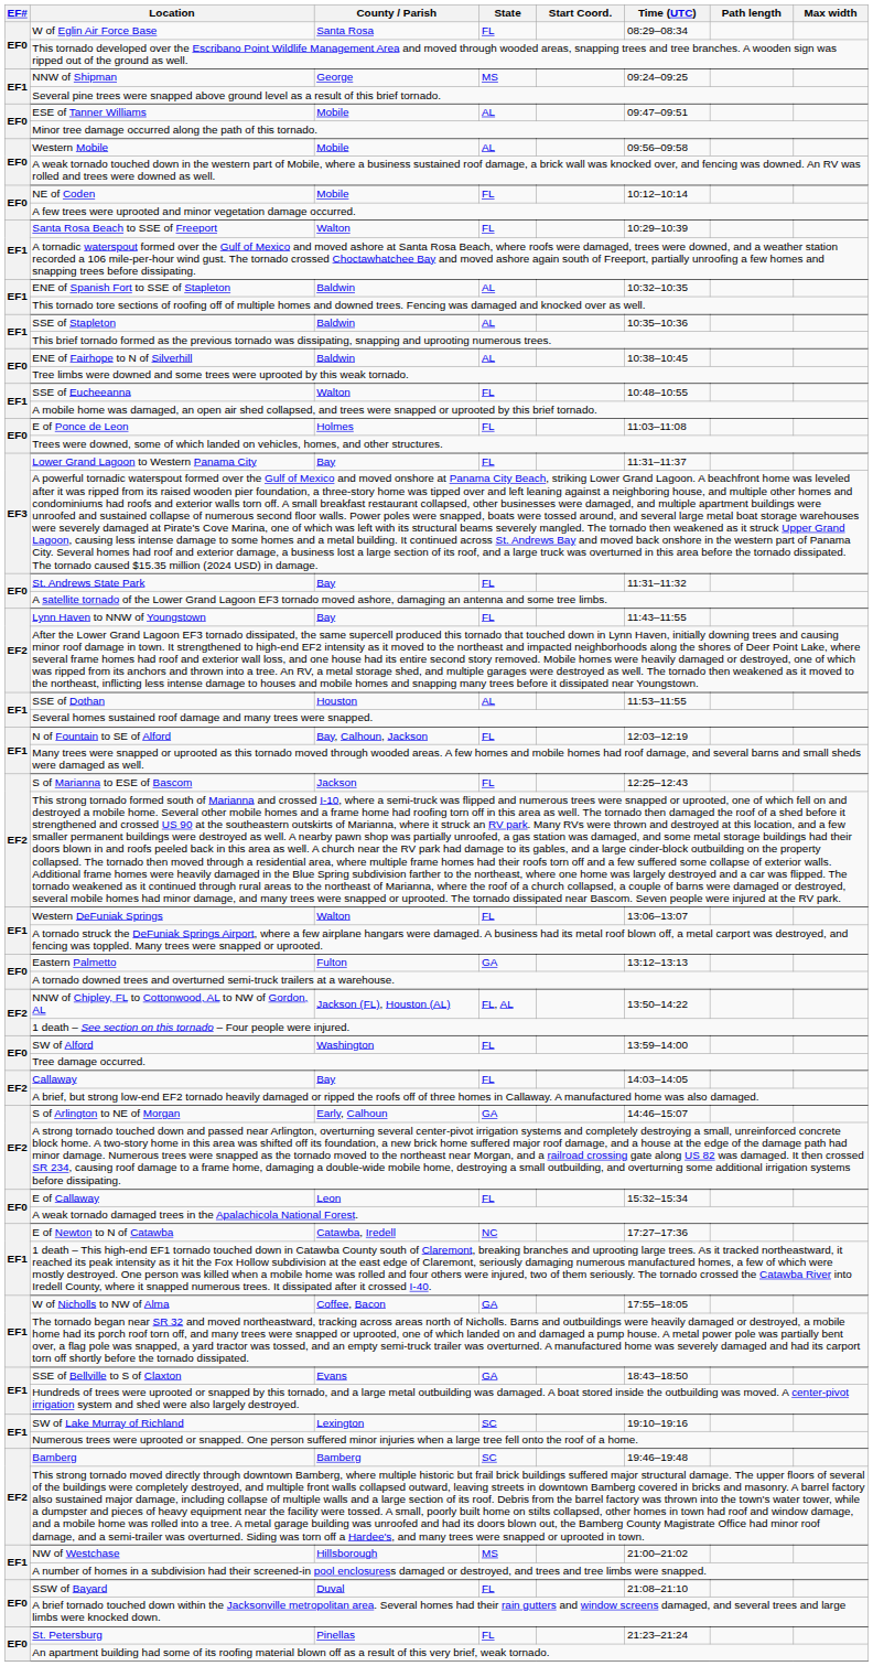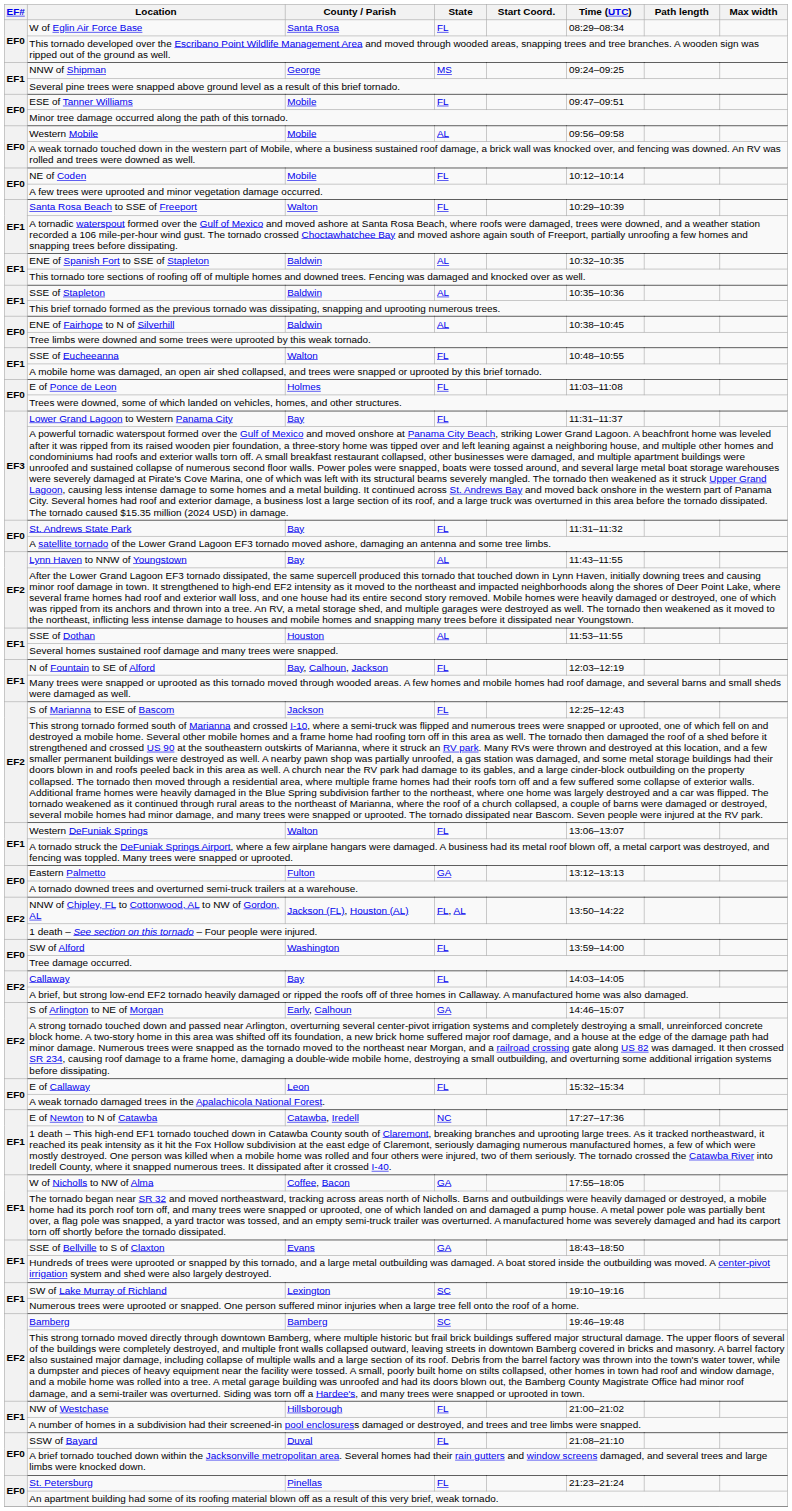 <table class="wikitable sortable" style="width:100%;">
 <tr>
 <th scope="col" width="2%" align="center"><a href='#'>EF#</a></th>
 <th scope="col" align="center" class="unsortable">Location</th>
 <th scope="col" align="center" class="unsortable">County / Parish</th>
 <th scope="col" align="center">State</th>
 <th scope="col" align="center">Start Coord.</th>
 <th scope="col" align="center">Time (<a href='#'>UTC</a>)</th>
 <th scope="col" align="center">Path length</th>
 <th scope="col" align="center">Max width</th>
 </tr>
 <tr>
 <th scope="row" rowspan="2" style="background-color:#">EF0</th>
 <td>W of <a href='#'>Eglin Air Force Base</a></td>
 <td><a href='#'>Santa Rosa</a></td>
 <td><a href='#'>FL</a></td>
 <td></td>
 <td>08:29–08:34</td>
 <td></td>
 <td></td>
 </tr>
 <tr class="expand-child">
 <td colspan="8" style=" border-bottom: 1px solid black;">This tornado developed over the <a href='#'>Escribano Point Wildlife Management Area</a> and moved through wooded areas, snapping trees and tree branches. A wooden sign was ripped out of the ground as well.</td>
 </tr>
 <tr>
 <th scope="row" rowspan="2" style="background-color:#">EF1</th>
 <td>NNW of <a href='#'>Shipman</a></td>
 <td><a href='#'>George</a></td>
 <td><a href='#'>MS</a></td>
 <td></td>
 <td>09:24–09:25</td>
 <td></td>
 <td></td>
 </tr>
 <tr class="expand-child">
 <td colspan="8" style=" border-bottom: 1px solid black;">Several pine trees were snapped  above ground level as a result of this brief tornado.</td>
 </tr>
 <tr>
 <th scope="row" rowspan="2" style="background-color:#">EF0</th>
 <td>ESE of <a href='#'>Tanner Williams</a></td>
 <td><a href='#'>Mobile</a></td>
-<td><a href='#'>AL</a></td>
+<td><a href='#'>FL</a></td>
 <td></td>
 <td>09:47–09:51</td>
 <td></td>
 <td></td>
 </tr>
 <tr class="expand-child">
 <td colspan="8" style=" border-bottom: 1px solid black;">Minor tree damage occurred along the path of this tornado.</td>
 </tr>
 <tr>
 <th scope="row" rowspan="2" style="background-color:#">EF0</th>
 <td>Western <a href='#'>Mobile</a></td>
 <td><a href='#'>Mobile</a></td>
 <td><a href='#'>AL</a></td>
 <td></td>
 <td>09:56–09:58</td>
 <td></td>
 <td></td>
 </tr>
 <tr class="expand-child">
 <td colspan="8" style=" border-bottom: 1px solid black;">A weak tornado touched down in the western part of Mobile, where a business sustained roof damage, a brick wall was knocked over, and fencing was downed. An RV was rolled and trees were downed as well.</td>
 </tr>
 <tr>
 <th scope="row" rowspan="2" style="background-color:#">EF0</th>
 <td>NE of <a href='#'>Coden</a></td>
 <td><a href='#'>Mobile</a></td>
 <td><a href='#'>FL</a></td>
 <td></td>
 <td>10:12–10:14</td>
 <td></td>
 <td></td>
 </tr>
 <tr class="expand-child">
 <td colspan="8" style=" border-bottom: 1px solid black;">A few trees were uprooted and minor vegetation damage occurred.</td>
 </tr>
 <tr>
 <th scope="row" rowspan="2" style="background-color:#">EF1</th>
 <td><a href='#'>Santa Rosa Beach</a> to SSE of <a href='#'>Freeport</a></td>
 <td><a href='#'>Walton</a></td>
 <td><a href='#'>FL</a></td>
 <td></td>
 <td>10:29–10:39</td>
 <td></td>
 <td></td>
 </tr>
 <tr class="expand-child">
 <td colspan="8" style=" border-bottom: 1px solid black;">A tornadic <a href='#'>waterspout</a> formed over the <a href='#'>Gulf of Mexico</a> and moved ashore at Santa Rosa Beach, where roofs were damaged, trees were downed, and a weather station recorded a 106 mile-per-hour wind gust. The tornado crossed <a href='#'>Choctawhatchee Bay</a> and moved ashore again south of Freeport, partially unroofing a few homes and snapping trees before dissipating.</td>
 </tr>
 <tr>
 <th scope="row" rowspan="2" style="background-color:#">EF1</th>
 <td>ENE of <a href='#'>Spanish Fort</a> to SSE of <a href='#'>Stapleton</a></td>
 <td><a href='#'>Baldwin</a></td>
 <td><a href='#'>AL</a></td>
 <td></td>
 <td>10:32–10:35</td>
 <td></td>
 <td></td>
 </tr>
 <tr class="expand-child">
 <td colspan="8" style=" border-bottom: 1px solid black;">This tornado tore sections of roofing off of multiple homes and downed trees. Fencing was damaged and knocked over as well.</td>
 </tr>
 <tr>
 <th scope="row" rowspan="2" style="background-color:#">EF1</th>
 <td>SSE of <a href='#'>Stapleton</a></td>
 <td><a href='#'>Baldwin</a></td>
 <td><a href='#'>AL</a></td>
 <td></td>
 <td>10:35–10:36</td>
 <td></td>
 <td></td>
 </tr>
 <tr class="expand-child">
 <td colspan="8" style=" border-bottom: 1px solid black;">This brief tornado formed as the previous tornado was dissipating, snapping and uprooting numerous trees.</td>
 </tr>
 <tr>
 <th scope="row" rowspan="2" style="background-color:#">EF0</th>
 <td>ENE of <a href='#'>Fairhope</a> to N of <a href='#'>Silverhill</a></td>
 <td><a href='#'>Baldwin</a></td>
 <td><a href='#'>AL</a></td>
 <td></td>
 <td>10:38–10:45</td>
 <td></td>
 <td></td>
 </tr>
 <tr class="expand-child">
 <td colspan="8" style=" border-bottom: 1px solid black;">Tree limbs were downed and some trees were uprooted by this weak tornado.</td>
 </tr>
 <tr>
 <th scope="row" rowspan="2" style="background-color:#">EF1</th>
 <td>SSE of <a href='#'>Eucheeanna</a></td>
 <td><a href='#'>Walton</a></td>
 <td><a href='#'>FL</a></td>
 <td></td>
 <td>10:48–10:55</td>
 <td></td>
 <td></td>
 </tr>
 <tr class="expand-child">
 <td colspan="8" style=" border-bottom: 1px solid black;">A mobile home was damaged, an open air shed collapsed, and trees were snapped or uprooted by this brief tornado.</td>
 </tr>
 <tr>
 <th scope="row" rowspan="2" style="background-color:#">EF0</th>
 <td>E of <a href='#'>Ponce de Leon</a></td>
 <td><a href='#'>Holmes</a></td>
 <td><a href='#'>FL</a></td>
 <td></td>
 <td>11:03–11:08</td>
 <td></td>
 <td></td>
 </tr>
 <tr class="expand-child">
 <td colspan="8" style=" border-bottom: 1px solid black;">Trees were downed, some of which landed on vehicles, homes, and other structures.</td>
 </tr>
 <tr>
 <th scope="row" rowspan="2" style="background-color:#">EF3</th>
 <td><a href='#'>Lower Grand Lagoon</a> to Western <a href='#'>Panama City</a></td>
 <td><a href='#'>Bay</a></td>
 <td><a href='#'>FL</a></td>
 <td></td>
 <td>11:31–11:37</td>
 <td></td>
 <td></td>
 </tr>
 <tr class="expand-child">
 <td colspan="8" style="border-bottom: 1px solid black;">A powerful tornadic waterspout formed over the <a href='#'>Gulf of Mexico</a> and moved onshore at <a href='#'>Panama City Beach</a>, striking Lower Grand Lagoon. A beachfront home was leveled after it was ripped from its raised wooden pier foundation, a three-story home was tipped over and left leaning against a neighboring house, and multiple other homes and condominiums had roofs and exterior walls torn off. A small breakfast restaurant collapsed, other businesses were damaged, and multiple apartment buildings were unroofed and sustained collapse of numerous second floor walls. Power poles were snapped, boats were tossed around, and several large metal boat storage warehouses were severely damaged at Pirate's Cove Marina, one of which was left with its structural beams severely mangled. The tornado then weakened as it struck <a href='#'>Upper Grand Lagoon</a>, causing less intense damage to some homes and a metal building. It continued across <a href='#'>St. Andrews Bay</a> and moved back onshore in the western part of Panama City. Several homes had roof and exterior damage, a business lost a large section of its roof, and a large truck was overturned in this area before the tornado dissipated. The tornado caused $15.35 million (2024 USD) in damage.</td>
 </tr>
 <tr>
 <th scope="row" rowspan="2" style="background-color:#">EF0</th>
 <td><a href='#'>St. Andrews State Park</a></td>
 <td><a href='#'>Bay</a></td>
 <td><a href='#'>FL</a></td>
 <td></td>
 <td>11:31–11:32</td>
 <td></td>
 <td></td>
 </tr>
 <tr class="expand-child">
 <td colspan="8" style="border-bottom: 1px solid black;">A <a href='#'>satellite tornado</a> of the Lower Grand Lagoon EF3 tornado moved ashore, damaging an antenna and some tree limbs.</td>
 </tr>
 <tr>
 <th scope="row" rowspan="2" style="background-color:#">EF2</th>
 <td><a href='#'>Lynn Haven</a> to NNW of <a href='#'>Youngstown</a></td>
 <td><a href='#'>Bay</a></td>
-<td><a href='#'>FL</a></td>
+<td><a href='#'>AL</a></td>
 <td></td>
 <td>11:43–11:55</td>
 <td></td>
 <td></td>
 </tr>
 <tr class="expand-child">
 <td colspan="8" style="border-bottom: 1px solid black;">After the Lower Grand Lagoon EF3 tornado dissipated, the same supercell produced this tornado that touched down in Lynn Haven, initially downing trees and causing minor roof damage in town. It strengthened to high-end EF2 intensity as it moved to the northeast and impacted neighborhoods along the shores of Deer Point Lake, where several frame homes had roof and exterior wall loss, and one house had its entire second story removed. Mobile homes were heavily damaged or destroyed, one of which was ripped from its anchors and thrown into a tree. An RV, a metal storage shed, and multiple garages were destroyed as well. The tornado then weakened as it moved to the northeast, inflicting less intense damage to houses and mobile homes and snapping many trees before it dissipated near Youngstown.</td>
 </tr>
 <tr>
 <th scope="row" rowspan="2" style="background-color:#">EF1</th>
 <td>SSE of <a href='#'>Dothan</a></td>
 <td><a href='#'>Houston</a></td>
 <td><a href='#'>AL</a></td>
 <td></td>
 <td>11:53–11:55</td>
 <td></td>
 <td></td>
 </tr>
 <tr class="expand-child">
 <td colspan="8" style=" border-bottom: 1px solid black;">Several homes sustained roof damage and many trees were snapped.</td>
 </tr>
 <tr>
 <th scope="row" rowspan="2" style="background-color:#">EF1</th>
 <td>N of <a href='#'>Fountain</a> to SE of <a href='#'>Alford</a></td>
 <td><a href='#'>Bay</a>, <a href='#'>Calhoun</a>, <a href='#'>Jackson</a></td>
 <td><a href='#'>FL</a></td>
 <td></td>
 <td>12:03–12:19</td>
 <td></td>
 <td></td>
 </tr>
 <tr class="expand-child">
 <td colspan="8" style="border-bottom: 1px solid black;">Many trees were snapped or uprooted as this tornado moved through wooded areas. A few homes and mobile homes had roof damage, and several barns and small sheds were damaged as well.</td>
 </tr>
 <tr>
 <th scope="row" rowspan="2" style="background-color:#">EF2</th>
 <td>S of <a href='#'>Marianna</a> to ESE of <a href='#'>Bascom</a></td>
 <td><a href='#'>Jackson</a></td>
 <td><a href='#'>FL</a></td>
 <td></td>
 <td>12:25–12:43</td>
 <td></td>
 <td></td>
 </tr>
 <tr class="expand-child">
 <td colspan="8" style="border-bottom: 1px solid black;">This strong tornado formed south of <a href='#'>Marianna</a> and crossed <a href='#'>I-10</a>, where a semi-truck was flipped and numerous trees were snapped or uprooted, one of which fell on and destroyed a mobile home. Several other mobile homes and a frame home had roofing torn off in this area as well. The tornado then damaged the roof of a shed before it strengthened and crossed <a href='#'>US 90</a> at the southeastern outskirts of Marianna, where it struck an <a href='#'>RV park</a>. Many RVs were thrown and destroyed at this location, and a few smaller permanent buildings were destroyed as well. A nearby pawn shop was partially unroofed, a gas station was damaged, and some metal storage buildings had their doors blown in and roofs peeled back in this area as well. A church near the RV park had damage to its gables, and a large cinder-block outbuilding on the property collapsed. The tornado then moved through a residential area, where multiple frame homes had their roofs torn off and a few suffered some collapse of exterior walls. Additional frame homes were heavily damaged in the Blue Spring subdivision farther to the northeast, where one home was largely destroyed and a car was flipped. The tornado weakened as it continued through rural areas to the northeast of Marianna, where the roof of a church collapsed, a couple of barns were damaged or destroyed, several mobile homes had minor damage, and many trees were snapped or uprooted. The tornado dissipated near Bascom. Seven people were injured at the RV park.</td>
 </tr>
 <tr>
 <th scope="row" rowspan="2" style="background-color:#">EF1</th>
 <td>Western <a href='#'>DeFuniak Springs</a></td>
 <td><a href='#'>Walton</a></td>
 <td><a href='#'>FL</a></td>
 <td></td>
 <td>13:06–13:07</td>
 <td></td>
 <td></td>
 </tr>
 <tr class="expand-child">
 <td colspan="8" style="border-bottom: 1px solid black;">A tornado struck the <a href='#'>DeFuniak Springs Airport</a>, where a few airplane hangars were damaged. A business had its metal roof blown off, a metal carport was destroyed, and fencing was toppled. Many trees were snapped or uprooted.</td>
 </tr>
 <tr>
 <th scope="row" rowspan="2" style="background-color:#">EF0</th>
 <td>Eastern <a href='#'>Palmetto</a></td>
 <td><a href='#'>Fulton</a></td>
 <td><a href='#'>GA</a></td>
 <td></td>
 <td>13:12–13:13</td>
 <td></td>
 <td></td>
 </tr>
 <tr class="expand-child">
 <td colspan="8" style=" border-bottom: 1px solid black;">A tornado downed trees and overturned semi-truck trailers at a warehouse.</td>
 </tr>
 <tr>
 <th scope="row" rowspan="2" style="background-color:#">EF2</th>
 <td>NNW of <a href='#'>Chipley, FL</a> to <a href='#'>Cottonwood, AL</a> to NW of <a href='#'>Gordon, AL</a></td>
 <td><a href='#'>Jackson (FL)</a>, <a href='#'>Houston (AL)</a></td>
 <td><a href='#'>FL</a>, <a href='#'>AL</a></td>
 <td></td>
 <td>13:50–14:22</td>
 <td></td>
 <td></td>
 </tr>
 <tr class="expand-child">
 <td colspan="8" style=" border-bottom: 1px solid black;">1 death – <em><a href='#'>See section on this tornado</a></em> – Four people were injured.</td>
 </tr>
 <tr>
 <th scope="row" rowspan="2" style="background-color:#">EF0</th>
 <td>SW of <a href='#'>Alford</a></td>
 <td><a href='#'>Washington</a></td>
 <td><a href='#'>FL</a></td>
 <td></td>
 <td>13:59–14:00</td>
 <td></td>
 <td></td>
 </tr>
 <tr class="expand-child">
 <td colspan="8" style=" border-bottom: 1px solid black;">Tree damage occurred.</td>
 </tr>
 <tr>
 <th scope="row" rowspan="2" style="background-color:#">EF2</th>
 <td><a href='#'>Callaway</a></td>
 <td><a href='#'>Bay</a></td>
 <td><a href='#'>FL</a></td>
 <td></td>
 <td>14:03–14:05</td>
 <td></td>
 <td></td>
 </tr>
 <tr class="expand-child">
 <td colspan="8" style=" border-bottom: 1px solid black;">A brief, but strong low-end EF2 tornado heavily damaged or ripped the roofs off of three homes in Callaway. A manufactured home was also damaged.</td>
 </tr>
 <tr>
 <th scope="row" rowspan="2" style="background-color:#">EF2</th>
 <td>S of <a href='#'>Arlington</a> to NE of <a href='#'>Morgan</a></td>
 <td><a href='#'>Early</a>, <a href='#'>Calhoun</a></td>
 <td><a href='#'>GA</a></td>
 <td></td>
 <td>14:46–15:07</td>
 <td></td>
 <td></td>
 </tr>
 <tr class="expand-child">
 <td colspan="8" style="border-bottom: 1px solid black;">A strong tornado touched down and passed near Arlington, overturning several center-pivot irrigation systems and completely destroying a small, unreinforced concrete block home. A two-story home in this area was shifted off its foundation, a new brick home suffered major roof damage, and a house at the edge of the damage path had minor damage. Numerous trees were snapped as the tornado moved to the northeast near Morgan, and a <a href='#'>railroad crossing</a> gate along <a href='#'>US 82</a> was damaged. It then crossed <a href='#'>SR 234</a>, causing roof damage to a frame home, damaging a double-wide mobile home, destroying a small outbuilding, and overturning some additional irrigation systems before dissipating.</td>
 </tr>
 <tr>
 <th scope="row" rowspan="2" style="background-color:#">EF0</th>
 <td>E of <a href='#'>Callaway</a></td>
 <td><a href='#'>Leon</a></td>
 <td><a href='#'>FL</a></td>
 <td></td>
 <td>15:32–15:34</td>
 <td></td>
 <td></td>
 </tr>
 <tr class="expand-child">
 <td colspan="8" style=" border-bottom: 1px solid black;">A weak tornado damaged trees in the <a href='#'>Apalachicola National Forest</a>.</td>
 </tr>
 <tr>
 <th scope="row" rowspan="2" style="background-color:#">EF1</th>
 <td>E of <a href='#'>Newton</a> to N of <a href='#'>Catawba</a></td>
 <td><a href='#'>Catawba</a>, <a href='#'>Iredell</a></td>
 <td><a href='#'>NC</a></td>
 <td></td>
 <td>17:27–17:36</td>
 <td></td>
 <td></td>
 </tr>
 <tr class="expand-child">
 <td colspan="8" style="border-bottom: 1px solid black;">1 death – This high-end EF1 tornado touched down in Catawba County south of <a href='#'>Claremont</a>, breaking branches and uprooting large trees. As it tracked northeastward, it reached its peak intensity as it hit the Fox Hollow subdivision at the east edge of Claremont, seriously damaging numerous manufactured homes, a few of which were mostly destroyed. One person was killed when a mobile home was rolled and four others were injured, two of them seriously. The tornado crossed the <a href='#'>Catawba River</a> into Iredell County, where it snapped numerous trees. It dissipated after it crossed <a href='#'>I-40</a>.</td>
 </tr>
 <tr>
 <th scope="row" rowspan="2" style="background-color:#">EF1</th>
 <td>W of <a href='#'>Nicholls</a> to NW of <a href='#'>Alma</a></td>
 <td><a href='#'>Coffee</a>, <a href='#'>Bacon</a></td>
 <td><a href='#'>GA</a></td>
 <td></td>
 <td>17:55–18:05</td>
 <td></td>
 <td></td>
 </tr>
 <tr class="expand-child">
 <td colspan="8" style="border-bottom: 1px solid black;">The tornado began near <a href='#'>SR 32</a> and moved northeastward, tracking across areas north of Nicholls. Barns and outbuildings were heavily damaged or destroyed, a mobile home had its porch roof torn off, and many trees were snapped or uprooted, one of which landed on and damaged a pump house. A metal power pole was partially bent over, a flag pole was snapped, a yard tractor was tossed, and an empty semi-truck trailer was overturned. A manufactured home was severely damaged and had its carport torn off shortly before the tornado dissipated.</td>
 </tr>
 <tr>
 <th scope="row" rowspan="2" style="background-color:#">EF1</th>
 <td>SSE of <a href='#'>Bellville</a> to S of <a href='#'>Claxton</a></td>
 <td><a href='#'>Evans</a></td>
 <td><a href='#'>GA</a></td>
 <td></td>
 <td>18:43–18:50</td>
 <td></td>
 <td></td>
 </tr>
 <tr class="expand-child">
 <td colspan="8" style="border-bottom: 1px solid black;">Hundreds of trees were uprooted or snapped by this tornado, and a large metal outbuilding was damaged. A boat stored inside the outbuilding was moved. A <a href='#'>center-pivot irrigation</a> system and shed were also largely destroyed.</td>
 </tr>
 <tr>
 <th scope="row" rowspan="2" style="background-color:#">EF1</th>
 <td>SW of <a href='#'>Lake Murray of Richland</a></td>
 <td><a href='#'>Lexington</a></td>
 <td><a href='#'>SC</a></td>
 <td></td>
 <td>19:10–19:16</td>
 <td></td>
 <td></td>
 </tr>
 <tr class="expand-child">
 <td colspan="8" style="border-bottom: 1px solid black;">Numerous trees were uprooted or snapped. One person suffered minor injuries when a large tree fell onto the roof of a home.</td>
 </tr>
 <tr>
 <th scope="row" rowspan="2" style="background-color:#">EF2</th>
 <td><a href='#'>Bamberg</a></td>
 <td><a href='#'>Bamberg</a></td>
 <td><a href='#'>SC</a></td>
 <td></td>
 <td>19:46–19:48</td>
 <td></td>
 <td></td>
 </tr>
 <tr class="expand-child">
 <td colspan="8" style="border-bottom: 1px solid black;">This strong tornado moved directly through downtown Bamberg, where multiple historic but frail brick buildings suffered major structural damage. The upper floors of several of the buildings were completely destroyed, and multiple front walls collapsed outward, leaving streets in downtown Bamberg covered in bricks and masonry. A barrel factory also sustained major damage, including collapse of multiple walls and a large section of its roof. Debris from the barrel factory was thrown into the town's water tower, while a dumpster and pieces of heavy equipment near the facility were tossed. A small, poorly built home on stilts collapsed, other homes in town had roof and window damage, and a mobile home was rolled into a tree. A metal garage building was unroofed and had its doors blown out, the Bamberg County Magistrate Office had minor roof damage, and a semi-trailer was overturned. Siding was torn off a <a href='#'>Hardee's</a>, and many trees were snapped or uprooted in town.</td>
 </tr>
 <tr>
 <th scope="row" rowspan="2" style="background-color:#">EF1</th>
 <td>NW of <a href='#'>Westchase</a></td>
 <td><a href='#'>Hillsborough</a></td>
-<td><a href='#'>MS</a></td>
+<td><a href='#'>FL</a></td>
 <td></td>
 <td>21:00–21:02</td>
 <td></td>
 <td></td>
 </tr>
 <tr class="expand-child">
 <td colspan="8" style="border-bottom: 1px solid black;">A number of homes in a subdivision had their screened-in <a href='#'>pool enclosures</a>s damaged or destroyed, and trees and tree limbs were snapped.</td>
 </tr>
 <tr>
 <th scope="row" rowspan="2" style="background-color:#">EF0</th>
 <td>SSW of <a href='#'>Bayard</a></td>
 <td><a href='#'>Duval</a></td>
 <td><a href='#'>FL</a></td>
 <td></td>
 <td>21:08–21:10</td>
 <td></td>
 <td></td>
 </tr>
 <tr class="expand-child">
 <td colspan="8" style="border-bottom: 1px solid black;">A brief tornado touched down within the <a href='#'>Jacksonville metropolitan area</a>. Several homes had their <a href='#'>rain gutters</a> and <a href='#'>window screens</a> damaged, and several trees and large limbs were knocked down.</td>
 </tr>
 <tr>
 <th scope="row" rowspan="2" style="background-color:#">EF0</th>
 <td><a href='#'>St. Petersburg</a></td>
 <td><a href='#'>Pinellas</a></td>
 <td><a href='#'>FL</a></td>
 <td></td>
 <td>21:23–21:24</td>
 <td></td>
 <td></td>
 </tr>
 <tr class="expand-child">
 <td colspan="8" style="border-bottom: 1px solid black;">An apartment building had some of its roofing material blown off as a result of this very brief, weak tornado.</td>
 </tr>
 <tr>
 </tr>
 </table>
